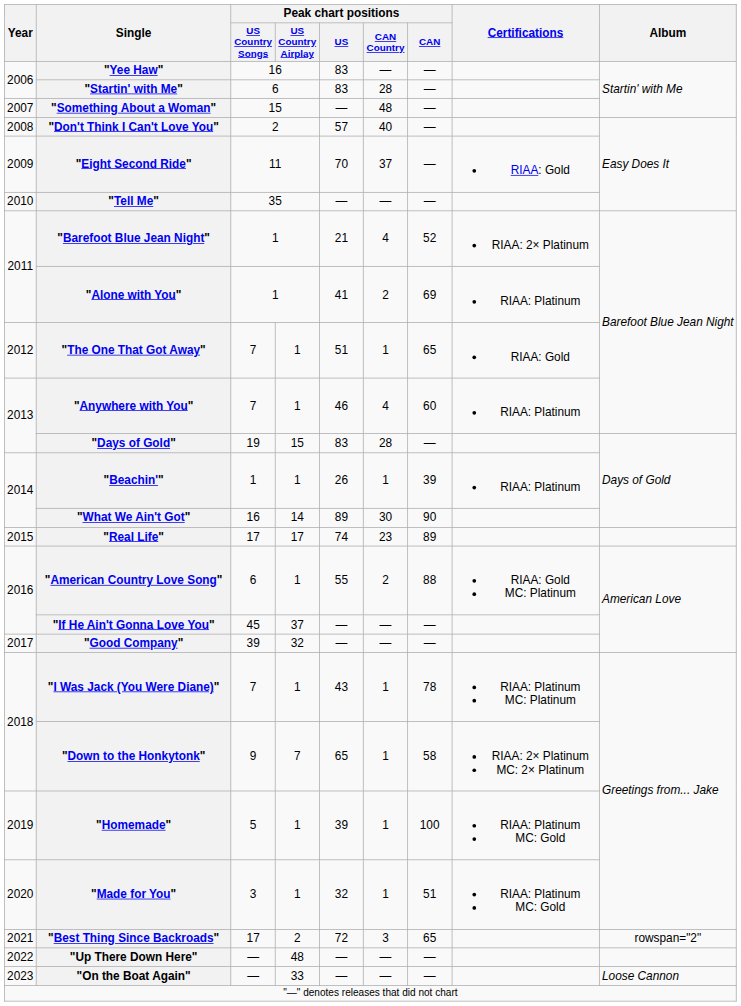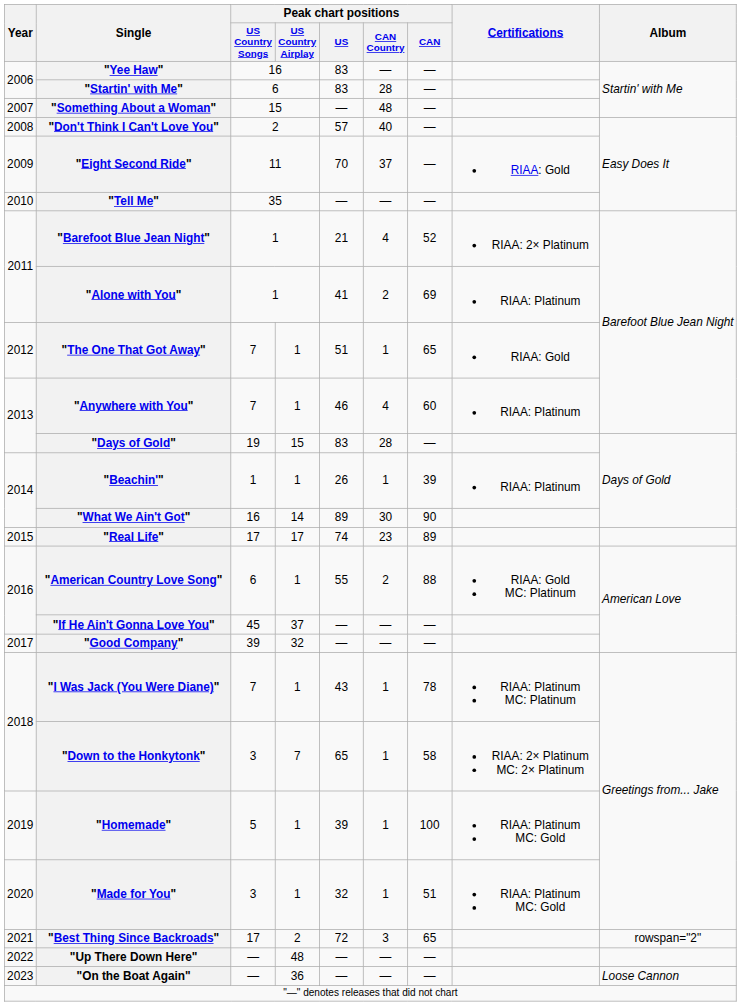 <table class="wikitable plainrowheaders" style="text-align:center;">
 <tr>
 <th rowspan="2">Year</th>
 <th rowspan="2" style="width:16em;">Single</th>
 <th colspan="5">Peak chart positions</th>
 <th rowspan="2" style="width:12em;"><a href='#'>Certifications</a><br></th>
 <th rowspan="2">Album</th>
 </tr>
 <tr style="font-size:smaller;">
 <th style="width:4em;"><a href='#'>US Country Songs</a><br></th>
 <th style="width:4em;"><a href='#'>US Country Airplay</a><br></th>
 <th style="width:4em;"><a href='#'>US</a><br></th>
 <th style="width:4em;"><a href='#'>CAN Country</a><br></th>
 <th style="width:4em;"><a href='#'>CAN</a><br></th>
 </tr>
 <tr>
 <td rowspan="2">2006</td>
 <th scope="row">"<a href='#'>Yee Haw</a>"</th>
 <td colspan="2">16</td>
 <td>83</td>
 <td>—</td>
 <td>—</td>
 <td></td>
 <td align="left" rowspan="3"><em>Startin' with Me</em></td>
 </tr>
 <tr>
 <th scope="row">"<a href='#'>Startin' with Me</a>"</th>
 <td colspan="2">6</td>
 <td>83</td>
 <td>28</td>
 <td>—</td>
 <td></td>
 </tr>
 <tr>
 <td>2007</td>
 <th scope="row">"<a href='#'>Something About a Woman</a>"</th>
 <td colspan="2">15</td>
 <td>—</td>
 <td>48</td>
 <td>—</td>
 <td></td>
 </tr>
 <tr>
 <td>2008</td>
 <th scope="row">"<a href='#'>Don't Think I Can't Love You</a>"</th>
 <td colspan="2">2</td>
 <td>57</td>
 <td>40</td>
 <td>—</td>
 <td></td>
 <td align="left" rowspan="3"><em>Easy Does It</em></td>
 </tr>
 <tr>
 <td>2009</td>
 <th scope="row">"<a href='#'>Eight Second Ride</a>"</th>
 <td colspan="2">11</td>
 <td>70</td>
 <td>37</td>
 <td>—</td>
 <td><br><ul><li><a href='#'>RIAA</a>: Gold</li></ul></td>
 </tr>
 <tr>
 <td>2010</td>
 <th scope="row">"<a href='#'>Tell Me</a>"</th>
 <td colspan="2">35</td>
 <td>—</td>
 <td>—</td>
 <td>—</td>
 <td></td>
 </tr>
 <tr>
 <td rowspan="2">2011</td>
 <th scope="row">"<a href='#'>Barefoot Blue Jean Night</a>"</th>
 <td colspan="2">1</td>
 <td>21</td>
 <td>4</td>
 <td>52</td>
 <td><br><ul><li>RIAA: 2× Platinum</li></ul></td>
 <td align="left" rowspan="4"><em>Barefoot Blue Jean Night</em></td>
 </tr>
 <tr>
 <th scope="row">"<a href='#'>Alone with You</a>"</th>
 <td colspan="2">1</td>
 <td>41</td>
 <td>2</td>
 <td>69</td>
 <td><br><ul><li>RIAA: Platinum</li></ul></td>
 </tr>
 <tr>
 <td>2012</td>
 <th scope="row">"<a href='#'>The One That Got Away</a>"</th>
 <td>7</td>
 <td>1</td>
 <td>51</td>
 <td>1</td>
 <td>65</td>
 <td><br><ul><li>RIAA: Gold</li></ul></td>
 </tr>
 <tr>
 <td rowspan="2">2013</td>
 <th scope="row">"<a href='#'>Anywhere with You</a>"</th>
 <td>7</td>
 <td>1</td>
 <td>46</td>
 <td>4</td>
 <td>60</td>
 <td><br><ul><li>RIAA: Platinum</li></ul></td>
 </tr>
 <tr>
 <th scope="row">"<a href='#'>Days of Gold</a>"</th>
 <td>19</td>
 <td>15</td>
 <td>83</td>
 <td>28</td>
 <td>—</td>
 <td></td>
 <td align="left" rowspan="3"><em>Days of Gold</em></td>
 </tr>
 <tr>
 <td rowspan="2">2014</td>
 <th scope="row">"<a href='#'>Beachin'</a>"</th>
 <td>1</td>
 <td>1</td>
 <td>26</td>
 <td>1</td>
 <td>39</td>
 <td><br><ul><li>RIAA: Platinum</li></ul></td>
 </tr>
 <tr>
 <th scope="row">"<a href='#'>What We Ain't Got</a>"</th>
 <td>16</td>
 <td>14</td>
 <td>89</td>
 <td>30</td>
 <td>90</td>
 <td></td>
 </tr>
 <tr>
 <td>2015</td>
 <th scope="row">"<a href='#'>Real Life</a>"</th>
 <td>17</td>
 <td>17</td>
 <td>74</td>
 <td>23</td>
 <td>89</td>
 <td></td>
 <td></td>
 </tr>
 <tr>
 <td rowspan="2">2016</td>
 <th scope="row">"<a href='#'>American Country Love Song</a>"</th>
 <td>6</td>
 <td>1</td>
 <td>55</td>
 <td>2</td>
 <td>88</td>
 <td><br><ul><li>RIAA: Gold</li><li>MC: Platinum</li></ul></td>
 <td rowspan="3" align="left"><em>American Love</em></td>
 </tr>
 <tr>
 <th scope="row">"<a href='#'>If He Ain't Gonna Love You</a>"</th>
 <td>45</td>
 <td>37</td>
 <td>—</td>
 <td>—</td>
 <td>—</td>
 <td></td>
 </tr>
 <tr>
 <td>2017</td>
 <th scope="row">"<a href='#'>Good Company</a>"</th>
 <td>39</td>
 <td>32</td>
 <td>—</td>
 <td>—</td>
 <td>—</td>
 <td></td>
 </tr>
 <tr>
 <td rowspan="2">2018</td>
 <th scope="row">"<a href='#'>I Was Jack (You Were Diane)</a>"</th>
 <td>7</td>
 <td>1</td>
 <td>43</td>
 <td>1</td>
 <td>78</td>
 <td><br><ul><li>RIAA: Platinum</li><li>MC: Platinum</li></ul></td>
 <td align="left" rowspan="4"><em>Greetings from... Jake</em></td>
 </tr>
 <tr>
 <th scope="row">"<a href='#'>Down to the Honkytonk</a>"</th>
-<td>9</td>
+<td>3</td>
 <td>7</td>
 <td>65</td>
 <td>1</td>
 <td>58</td>
 <td><br><ul><li>RIAA: 2× Platinum</li><li>MC: 2× Platinum</li></ul></td>
 </tr>
 <tr>
 <td>2019</td>
 <th scope="row">"<a href='#'>Homemade</a>"</th>
 <td>5</td>
 <td>1</td>
 <td>39</td>
 <td>1</td>
 <td>100</td>
 <td><br><ul><li>RIAA: Platinum</li><li>MC: Gold</li></ul></td>
 </tr>
 <tr>
 <td>2020</td>
 <th scope="row">"<a href='#'>Made for You</a>"</th>
 <td>3</td>
 <td>1</td>
 <td>32</td>
 <td>1</td>
 <td>51</td>
 <td><br><ul><li>RIAA: Platinum</li><li>MC: Gold</li></ul></td>
 </tr>
 <tr>
 <td>2021</td>
 <th scope="row">"<a href='#'>Best Thing Since Backroads</a>"</th>
 <td>17</td>
 <td>2</td>
 <td>72</td>
 <td>3</td>
 <td>65</td>
 <td></td>
 <td>rowspan="2" </td>
 </tr>
 <tr>
 <td>2022</td>
 <th scope="row">"Up There Down Here"</th>
 <td>—</td>
 <td>48</td>
 <td>—</td>
 <td>—</td>
 <td>—</td>
 <td></td>
 </tr>
 <tr>
 <td>2023</td>
 <th scope="row">"On the Boat Again"</th>
 <td>—</td>
-<td>33</td>
+<td>36</td>
 <td>—</td>
 <td>—</td>
 <td>—</td>
 <td></td>
 <td align="left"><em>Loose Cannon</em></td>
 </tr>
 <tr>
 <td colspan="10" style="font-size:85%">"—" denotes releases that did not chart</td>
 </tr>
 </table>
